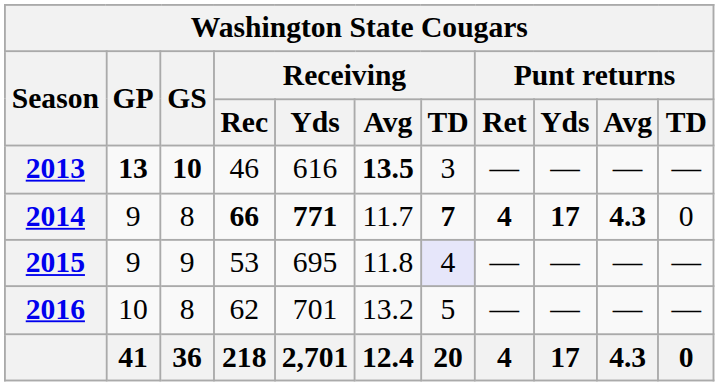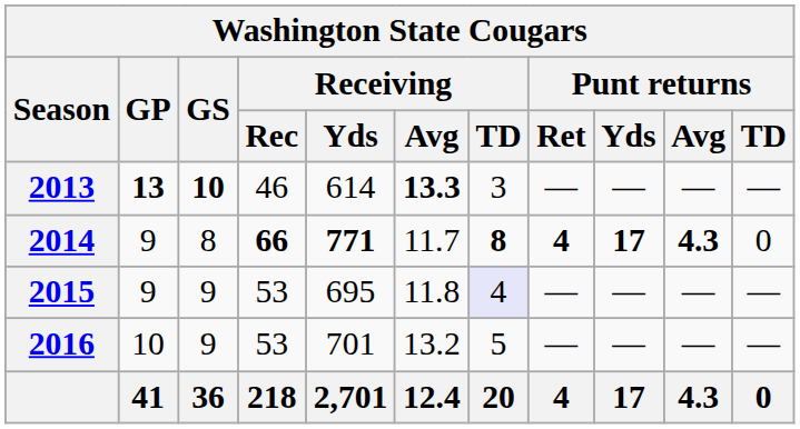 <table class="wikitable" style="text-align:center;">
 <tr>
 <th colspan="16">Washington State Cougars</th>
 </tr>
 <tr>
 <th rowspan="2">Season</th>
 <th rowspan="2">GP</th>
 <th rowspan="2">GS</th>
 <th colspan="4">Receiving</th>
 <th colspan="6">Punt returns</th>
 </tr>
 <tr>
 <th>Rec</th>
 <th>Yds</th>
 <th>Avg</th>
 <th>TD</th>
 <th>Ret</th>
 <th>Yds</th>
 <th>Avg</th>
 <th>TD</th>
 </tr>
 <tr>
 <th><a href='#'>2013</a></th>
 <td><strong>13</strong></td>
 <td><strong>10</strong></td>
 <td>46</td>
-<td>616</td>
-<td><strong>13.5</strong></td>
+<td>614</td>
+<td><strong>13.3</strong></td>
 <td>3</td>
 <td>—</td>
 <td>—</td>
 <td>—</td>
 <td>—</td>
 </tr>
 <tr>
 <th><a href='#'>2014</a></th>
 <td>9</td>
 <td>8</td>
 <td><strong>66</strong></td>
 <td><strong>771</strong></td>
 <td>11.7</td>
-<td><strong>7</strong></td>
+<td><strong>8</strong></td>
 <td><strong>4</strong></td>
 <td><strong>17</strong></td>
 <td><strong>4.3</strong></td>
 <td>0</td>
 </tr>
 <tr>
 <th><a href='#'>2015</a></th>
 <td>9</td>
 <td>9</td>
 <td>53</td>
 <td>695</td>
 <td>11.8</td>
 <td style="background: lavender;">4</td>
 <td>—</td>
 <td>—</td>
 <td>—</td>
 <td>—</td>
 </tr>
 <tr>
 <th><a href='#'>2016</a></th>
 <td>10</td>
-<td>8</td>
-<td>62</td>
+<td>9</td>
+<td>53</td>
 <td>701</td>
 <td>13.2</td>
 <td>5</td>
 <td>—</td>
 <td>—</td>
 <td>—</td>
 <td>—</td>
 </tr>
 <tr>
 <th></th>
 <th>41</th>
 <th>36</th>
 <th>218</th>
 <th>2,701</th>
 <th>12.4</th>
 <th>20</th>
 <th>4</th>
 <th>17</th>
 <th>4.3</th>
 <th>0</th>
 </tr>
 </table>
